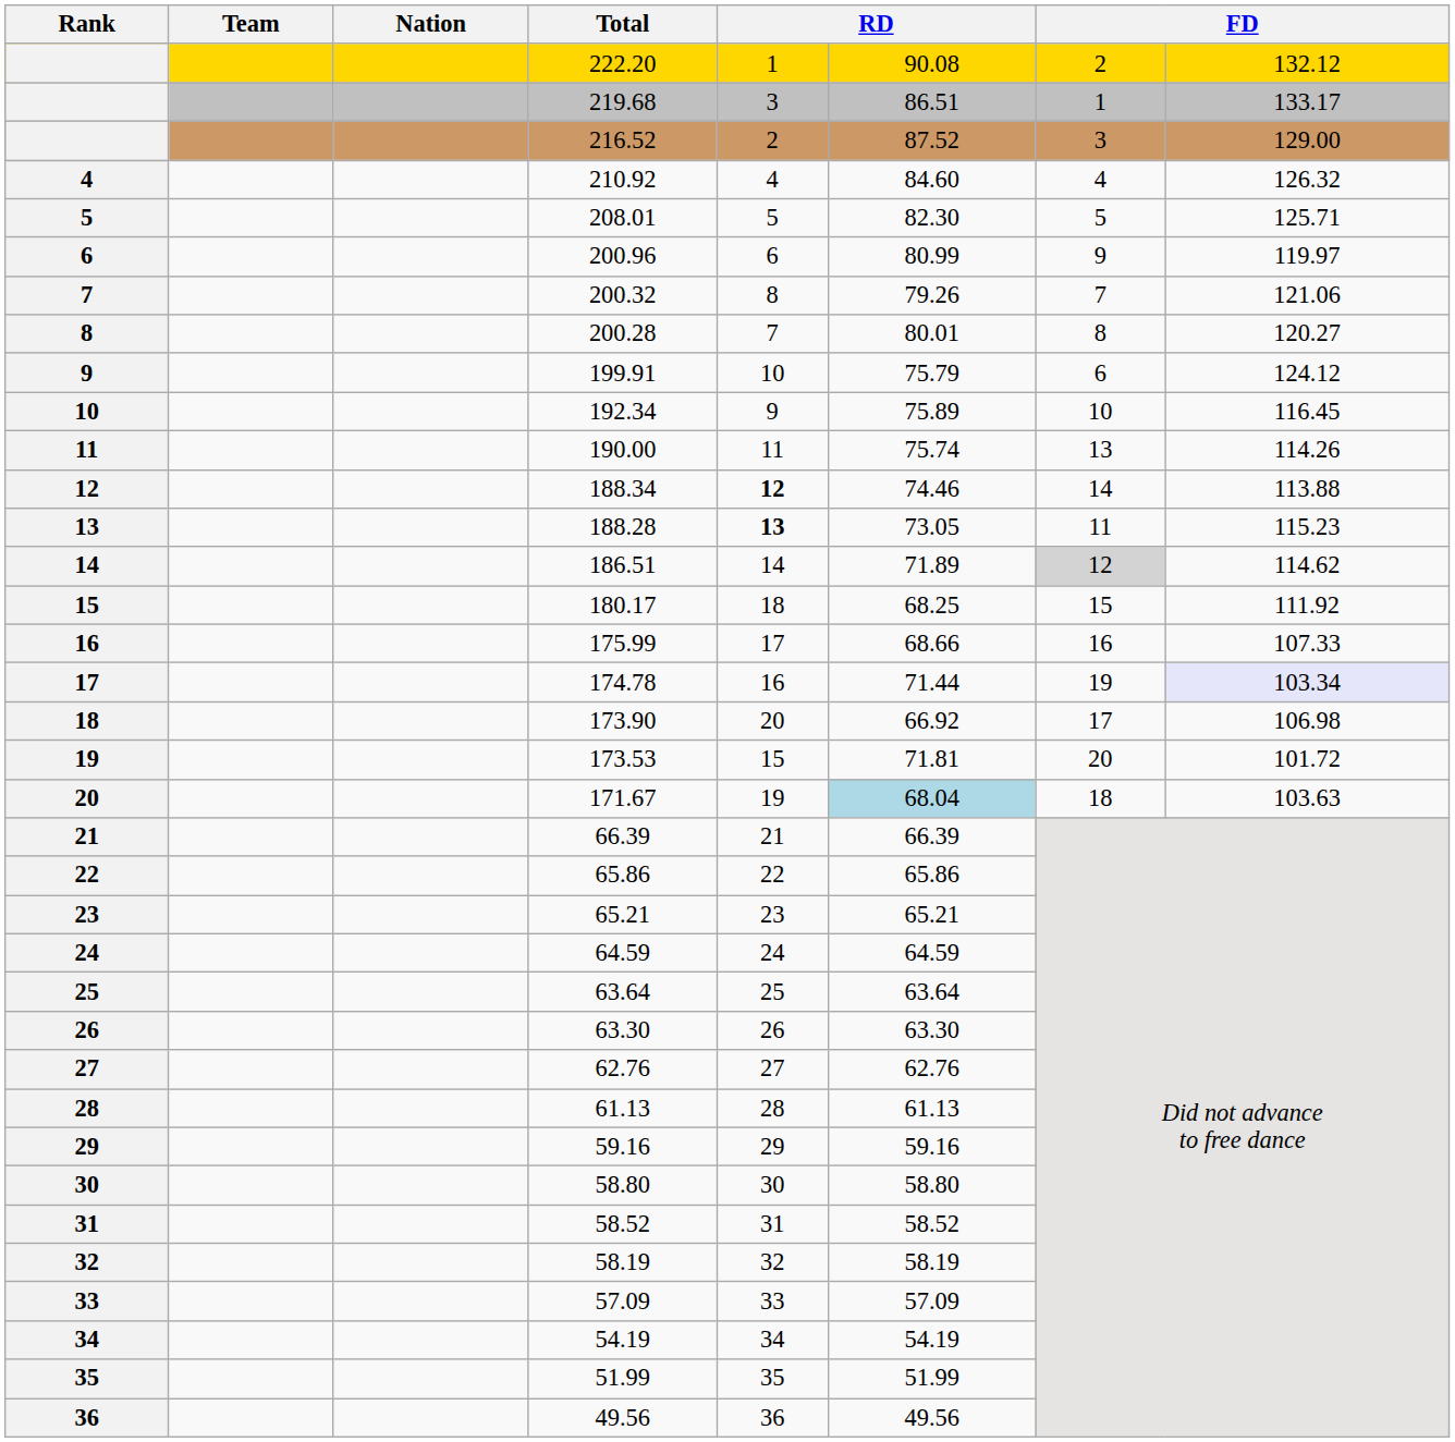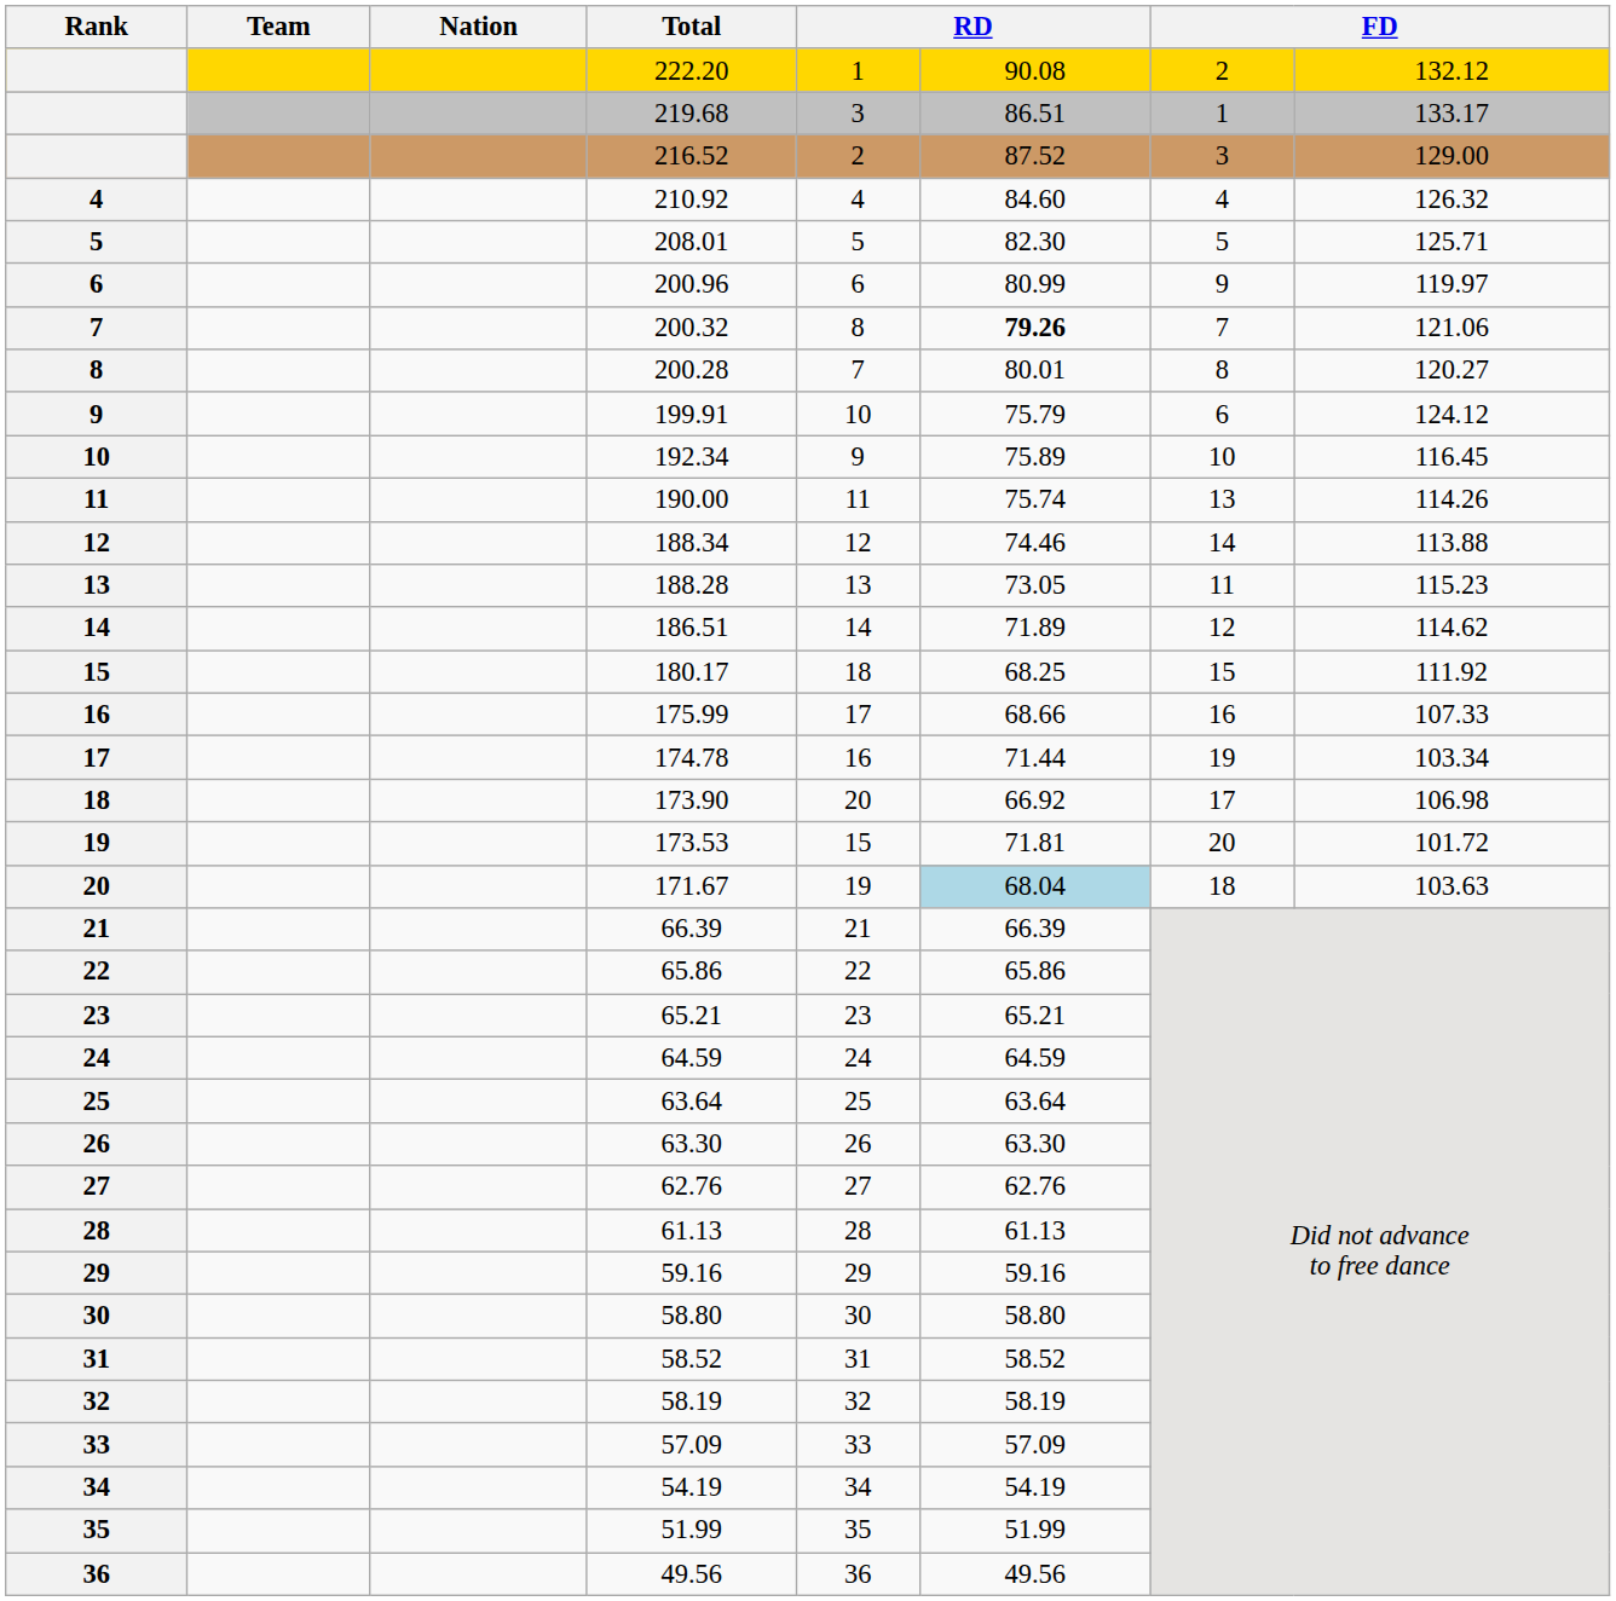 <table class="wikitable sortable" style="text-align:center; width:75%">
 <tr>
 <th scope="col">Rank</th>
 <th scope="col">Team</th>
 <th scope="col">Nation</th>
 <th scope="col">Total</th>
 <th colspan="2" width="80px"><a href='#'>RD</a></th>
 <th colspan="2" width="80px"><a href='#'>FD</a></th>
 </tr>
 <tr bgcolor="gold">
 <th scope="row"></th>
 <td align="left"></td>
 <td align="left"></td>
 <td>222.20</td>
 <td>1</td>
 <td>90.08</td>
 <td>2</td>
 <td>132.12</td>
 </tr>
 <tr bgcolor="silver">
 <th scope="row"></th>
 <td align="left"></td>
 <td align="left"></td>
 <td>219.68</td>
 <td>3</td>
 <td>86.51</td>
 <td>1</td>
 <td>133.17</td>
 </tr>
 <tr bgcolor="#cc9966">
 <th scope="row"></th>
 <td align="left"></td>
 <td align="left"></td>
 <td>216.52</td>
 <td>2</td>
 <td>87.52</td>
 <td>3</td>
 <td>129.00</td>
 </tr>
 <tr>
 <th scope="row">4</th>
 <td align="left"></td>
 <td align="left"></td>
 <td>210.92</td>
 <td>4</td>
 <td>84.60</td>
 <td>4</td>
 <td>126.32</td>
 </tr>
 <tr>
 <th scope="row">5</th>
 <td align="left"></td>
 <td align="left"></td>
 <td>208.01</td>
 <td>5</td>
 <td>82.30</td>
 <td>5</td>
 <td>125.71</td>
 </tr>
 <tr>
 <th scope="row">6</th>
 <td align="left"></td>
 <td align="left"></td>
 <td>200.96</td>
 <td>6</td>
 <td>80.99</td>
 <td>9</td>
 <td>119.97</td>
 </tr>
 <tr>
 <th scope="row">7</th>
 <td align="left"></td>
 <td align="left"></td>
 <td>200.32</td>
 <td>8</td>
-<td>79.26</td>
+<td><strong>79.26</strong></td>
 <td>7</td>
 <td>121.06</td>
 </tr>
 <tr>
 <th scope="row">8</th>
 <td align="left"></td>
 <td align="left"></td>
 <td>200.28</td>
 <td>7</td>
 <td>80.01</td>
 <td>8</td>
 <td>120.27</td>
 </tr>
 <tr>
 <th scope="row">9</th>
 <td align="left"></td>
 <td align="left"></td>
 <td>199.91</td>
 <td>10</td>
 <td>75.79</td>
 <td>6</td>
 <td>124.12</td>
 </tr>
 <tr>
 <th scope="row">10</th>
 <td align="left"></td>
 <td align="left"></td>
 <td>192.34</td>
 <td>9</td>
 <td>75.89</td>
 <td>10</td>
 <td>116.45</td>
 </tr>
 <tr>
 <th scope="row">11</th>
 <td align="left"></td>
 <td align="left"></td>
 <td>190.00</td>
 <td>11</td>
 <td>75.74</td>
 <td>13</td>
 <td>114.26</td>
 </tr>
 <tr>
 <th scope="row">12</th>
 <td align="left"></td>
 <td align="left"></td>
 <td>188.34</td>
-<td><strong>12</strong></td>
+<td>12</td>
 <td>74.46</td>
 <td>14</td>
 <td>113.88</td>
 </tr>
 <tr>
 <th scope="row">13</th>
 <td align="left"></td>
 <td align="left"></td>
 <td>188.28</td>
-<td><strong>13</strong></td>
+<td>13</td>
 <td>73.05</td>
 <td>11</td>
 <td>115.23</td>
 </tr>
 <tr>
 <th scope="row">14</th>
 <td align="left"></td>
 <td align="left"></td>
 <td>186.51</td>
 <td>14</td>
 <td>71.89</td>
-<td style="background: lightgrey;">12</td>
+<td>12</td>
 <td>114.62</td>
 </tr>
 <tr>
 <th scope="row">15</th>
 <td align="left"></td>
 <td align="left"></td>
 <td>180.17</td>
 <td>18</td>
 <td>68.25</td>
 <td>15</td>
 <td>111.92</td>
 </tr>
 <tr>
 <th scope="row">16</th>
 <td align="left"></td>
 <td align="left"></td>
 <td>175.99</td>
 <td>17</td>
 <td>68.66</td>
 <td>16</td>
 <td>107.33</td>
 </tr>
 <tr>
 <th scope="row">17</th>
 <td align="left"></td>
 <td align="left"></td>
 <td>174.78</td>
 <td>16</td>
 <td>71.44</td>
 <td>19</td>
-<td style="background: lavender;">103.34</td>
+<td>103.34</td>
 </tr>
 <tr>
 <th scope="row">18</th>
 <td align="left"></td>
 <td align="left"></td>
 <td>173.90</td>
 <td>20</td>
 <td>66.92</td>
 <td>17</td>
 <td>106.98</td>
 </tr>
 <tr>
 <th scope="row">19</th>
 <td align="left"></td>
 <td align="left"></td>
 <td>173.53</td>
 <td>15</td>
 <td>71.81</td>
 <td>20</td>
 <td>101.72</td>
 </tr>
 <tr>
 <th scope="row">20</th>
 <td align="left"></td>
 <td align="left"></td>
 <td>171.67</td>
 <td>19</td>
 <td style="background: lightblue;">68.04</td>
 <td>18</td>
 <td>103.63</td>
 </tr>
 <tr>
 <th scope="row">21</th>
 <td align="left"></td>
 <td align="left"></td>
 <td>66.39</td>
 <td>21</td>
 <td>66.39</td>
 <td colspan="2" rowspan="16" align="center" bgcolor="e5e4e2"><em>Did not advance<br>to free dance</em></td>
 </tr>
 <tr>
 <th scope="row">22</th>
 <td align="left"></td>
 <td align="left"></td>
 <td>65.86</td>
 <td>22</td>
 <td>65.86</td>
 </tr>
 <tr>
 <th scope="row">23</th>
 <td align="left"></td>
 <td align="left"></td>
 <td>65.21</td>
 <td>23</td>
 <td>65.21</td>
 </tr>
 <tr>
 <th scope="row">24</th>
 <td align="left"></td>
 <td align="left"></td>
 <td>64.59</td>
 <td>24</td>
 <td>64.59</td>
 </tr>
 <tr>
 <th scope="row">25</th>
 <td align="left"></td>
 <td align="left"></td>
 <td>63.64</td>
 <td>25</td>
 <td>63.64</td>
 </tr>
 <tr>
 <th scope="row">26</th>
 <td align="left"></td>
 <td align="left"></td>
 <td>63.30</td>
 <td>26</td>
 <td>63.30</td>
 </tr>
 <tr>
 <th scope="row">27</th>
 <td align="left"></td>
 <td align="left"></td>
 <td>62.76</td>
 <td>27</td>
 <td>62.76</td>
 </tr>
 <tr>
 <th scope="row">28</th>
 <td align="left"></td>
 <td align="left"></td>
 <td>61.13</td>
 <td>28</td>
 <td>61.13</td>
 </tr>
 <tr>
 <th scope="row">29</th>
 <td align="left"></td>
 <td align="left"></td>
 <td>59.16</td>
 <td>29</td>
 <td>59.16</td>
 </tr>
 <tr>
 <th scope="row">30</th>
 <td align="left"></td>
 <td align="left"></td>
 <td>58.80</td>
 <td>30</td>
 <td>58.80</td>
 </tr>
 <tr>
 <th scope="row">31</th>
 <td align="left"></td>
 <td align="left"></td>
 <td>58.52</td>
 <td>31</td>
 <td>58.52</td>
 </tr>
 <tr>
 <th scope="row">32</th>
 <td align="left"></td>
 <td align="left"></td>
 <td>58.19</td>
 <td>32</td>
 <td>58.19</td>
 </tr>
 <tr>
 <th scope="row">33</th>
 <td align="left"></td>
 <td align="left"></td>
 <td>57.09</td>
 <td>33</td>
 <td>57.09</td>
 </tr>
 <tr>
 <th scope="row">34</th>
 <td align="left"></td>
 <td align="left"></td>
 <td>54.19</td>
 <td>34</td>
 <td>54.19</td>
 </tr>
 <tr>
 <th scope="row">35</th>
 <td align="left"></td>
 <td align="left"></td>
 <td>51.99</td>
 <td>35</td>
 <td>51.99</td>
 </tr>
 <tr>
 <th scope="row">36</th>
 <td align="left"></td>
 <td align="left"></td>
 <td>49.56</td>
 <td>36</td>
 <td>49.56</td>
 </tr>
 </table>
